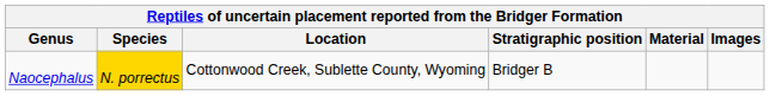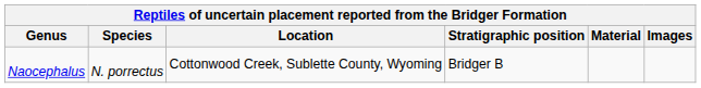 <table class="wikitable sortable mw-collapsible">
 <tr>
 <th colspan="7" style="text-align:center;"><strong><a href='#'>Reptiles</a> of uncertain placement reported from the Bridger Formation</strong></th>
 </tr>
 <tr>
 <th>Genus</th>
 <th>Species</th>
 <th>Location</th>
 <th>Stratigraphic position</th>
 <th>Material</th>
 <th>Images</th>
 </tr>
 <tr>
 <td rowspan=1><br><em><a href='#'>Naocephalus</a></em></td>
-<td style="background: gold;"><br><em>N. porrectus</em></td>
+<td><br><em>N. porrectus</em></td>
 <td>Cottonwood Creek, Sublette County, Wyoming</td>
 <td>Bridger B</td>
 <td></td>
 <td></td>
 </tr>
 </table>
